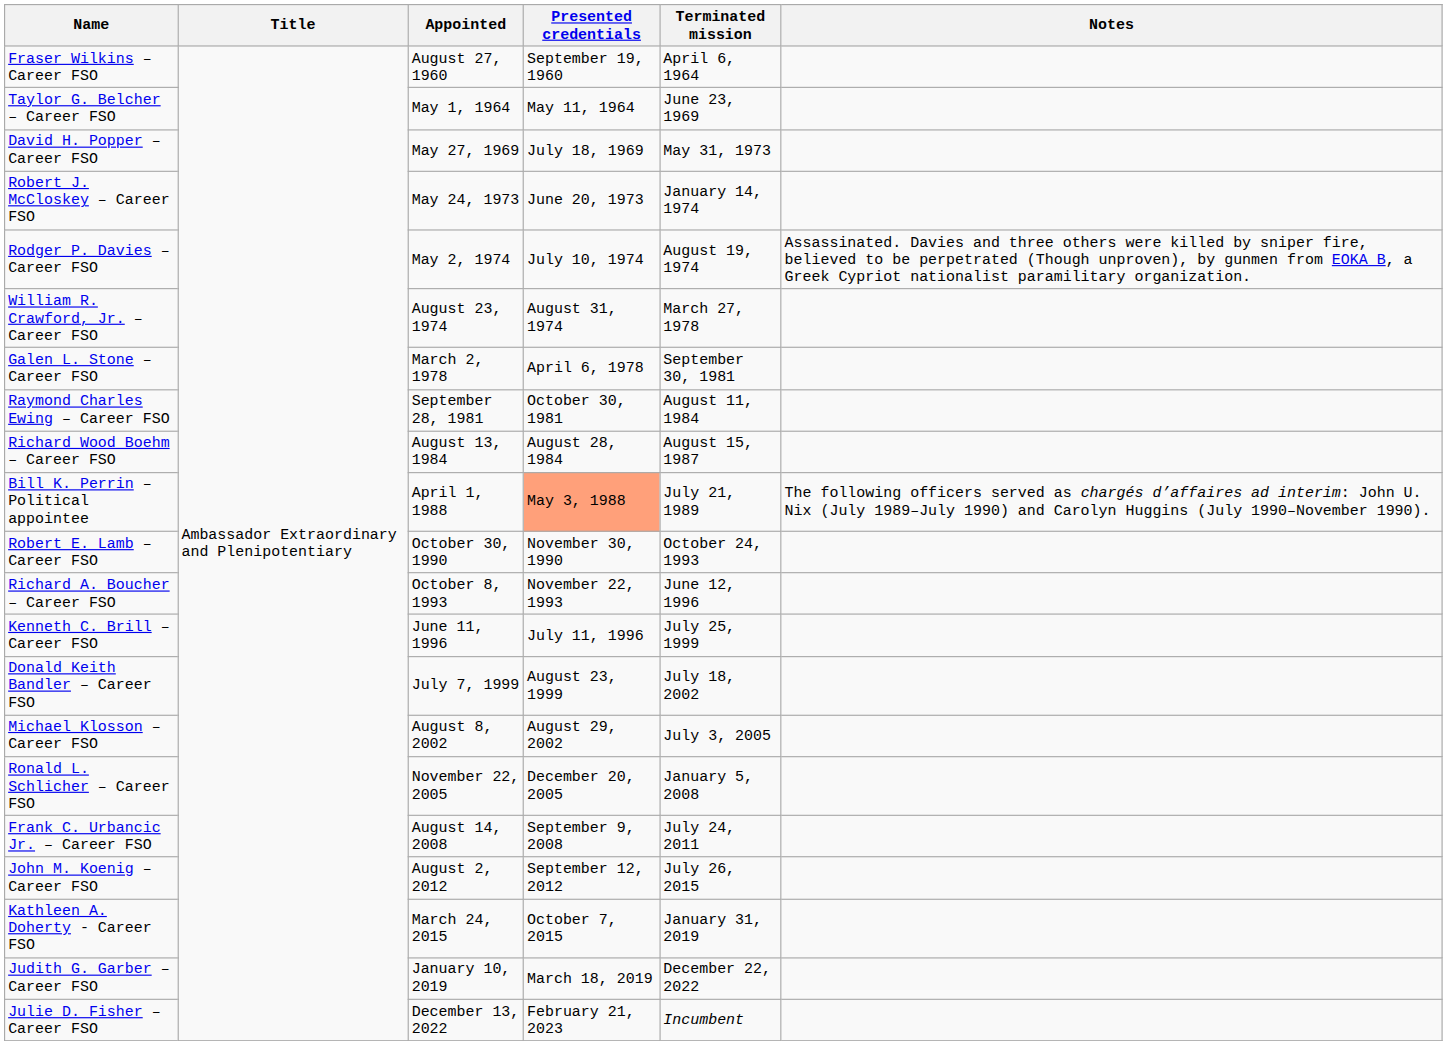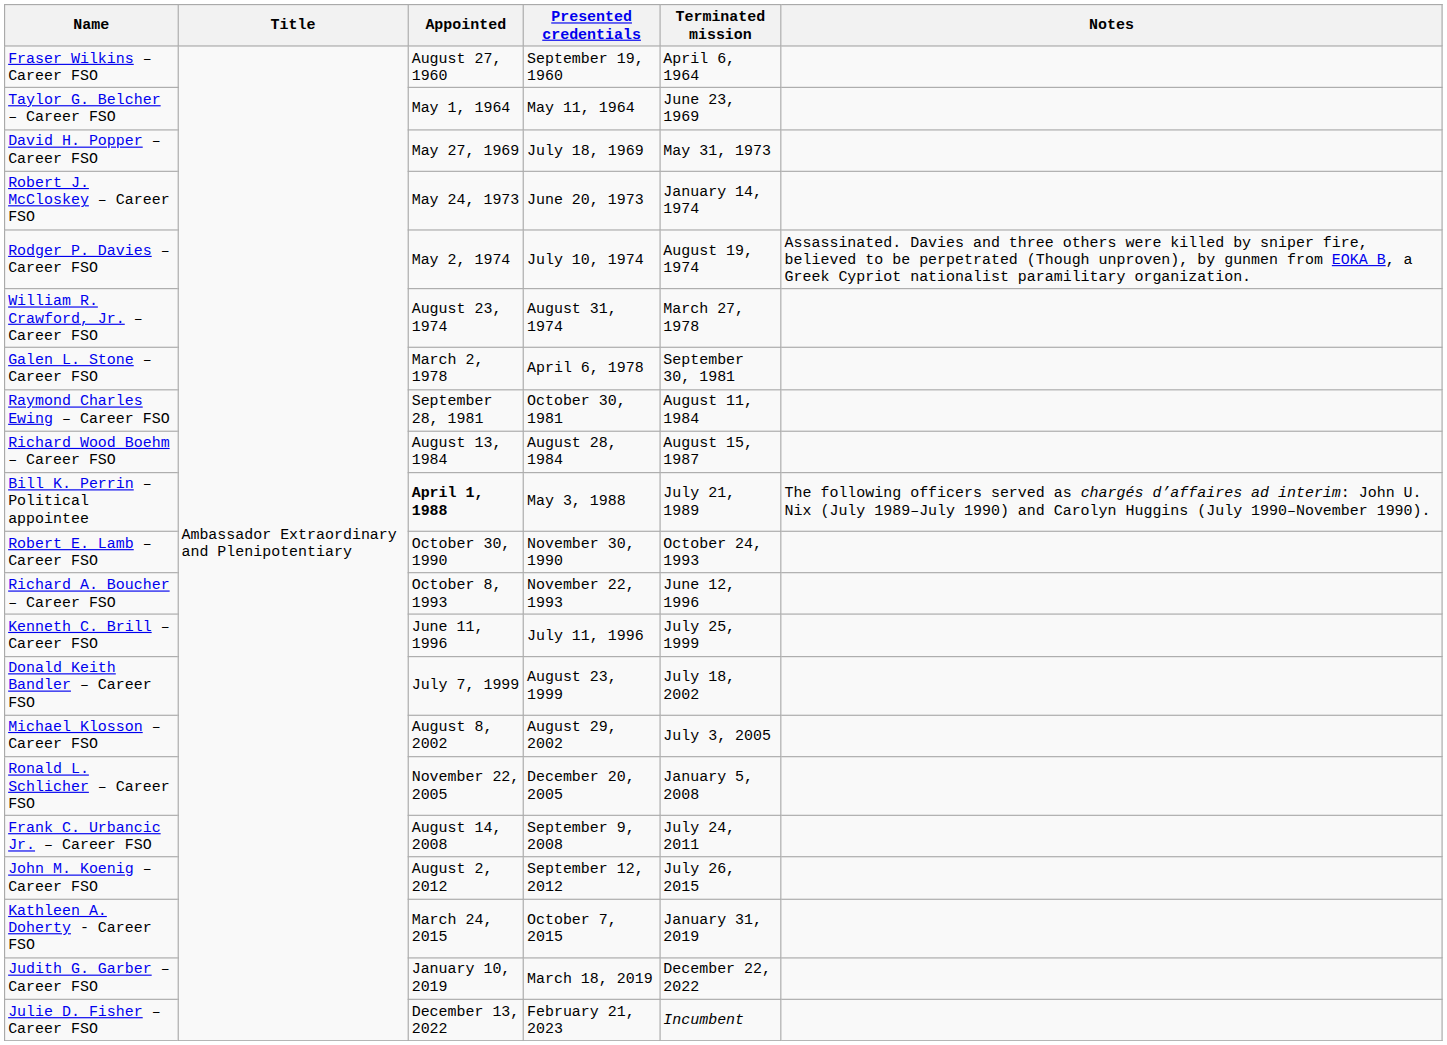 <table class="wikitable">
 <tr>
 <th>Name</th>
 <th>Title</th>
 <th>Appointed</th>
 <th><a href='#'>Presented credentials</a></th>
 <th>Terminated mission</th>
 <th>Notes</th>
 </tr>
 <tr>
 <td><a href='#'>Fraser Wilkins</a> – Career FSO</td>
 <td rowspan=21>Ambassador Extraordinary and Plenipotentiary</td>
 <td>August 27, 1960</td>
 <td>September 19, 1960</td>
 <td>April 6, 1964</td>
 <td></td>
 </tr>
 <tr>
 <td><a href='#'>Taylor G. Belcher</a> – Career FSO</td>
 <td>May 1, 1964</td>
 <td>May 11, 1964</td>
 <td>June 23, 1969</td>
 <td></td>
 </tr>
 <tr>
 <td><a href='#'>David H. Popper</a> – Career FSO</td>
 <td>May 27, 1969</td>
 <td>July 18, 1969</td>
 <td>May 31, 1973</td>
 <td></td>
 </tr>
 <tr>
 <td><a href='#'>Robert J. McCloskey</a> – Career FSO</td>
 <td>May 24, 1973</td>
 <td>June 20, 1973</td>
 <td>January 14, 1974</td>
 <td></td>
 </tr>
 <tr>
 <td><a href='#'>Rodger P. Davies</a> – Career FSO</td>
 <td>May 2, 1974</td>
 <td>July 10, 1974</td>
 <td>August 19, 1974</td>
 <td>Assassinated. Davies and three others were killed by sniper fire, believed to be perpetrated (Though unproven), by gunmen from <a href='#'>EOKA B</a>, a Greek Cypriot nationalist paramilitary organization.</td>
 </tr>
 <tr>
 <td><a href='#'>William R. Crawford, Jr.</a> – Career FSO</td>
 <td>August 23, 1974</td>
 <td>August 31, 1974</td>
 <td>March 27, 1978</td>
 <td></td>
 </tr>
 <tr>
 <td><a href='#'>Galen L. Stone</a> – Career FSO</td>
 <td>March 2, 1978</td>
 <td>April 6, 1978</td>
 <td>September 30, 1981</td>
 <td></td>
 </tr>
 <tr>
 <td><a href='#'>Raymond Charles Ewing</a> – Career FSO</td>
 <td>September 28, 1981</td>
 <td>October 30, 1981</td>
 <td>August 11, 1984</td>
 <td></td>
 </tr>
 <tr>
 <td><a href='#'>Richard Wood Boehm</a> – Career FSO</td>
 <td>August 13, 1984</td>
 <td>August 28, 1984</td>
 <td>August 15, 1987</td>
 <td></td>
 </tr>
 <tr>
 <td><a href='#'>Bill K. Perrin</a> – Political appointee</td>
-<td>April 1, 1988</td>
-<td style="background: lightsalmon;">May 3, 1988</td>
+<td><strong>April 1, 1988</strong></td>
+<td>May 3, 1988</td>
 <td>July 21, 1989</td>
 <td>The following officers served as <em>chargés d’affaires ad interim</em>: John U. Nix (July 1989–July 1990) and Carolyn Huggins (July 1990–November 1990).</td>
 </tr>
 <tr>
 <td><a href='#'>Robert E. Lamb</a> – Career FSO</td>
 <td>October 30, 1990</td>
 <td>November 30, 1990</td>
 <td>October 24, 1993</td>
 <td></td>
 </tr>
 <tr>
 <td><a href='#'>Richard A. Boucher</a> – Career FSO</td>
 <td>October 8, 1993</td>
 <td>November 22, 1993</td>
 <td>June 12, 1996</td>
 <td></td>
 </tr>
 <tr>
 <td><a href='#'>Kenneth C. Brill</a> – Career FSO</td>
 <td>June 11, 1996</td>
 <td>July 11, 1996</td>
 <td>July 25, 1999</td>
 <td></td>
 </tr>
 <tr>
 <td><a href='#'>Donald Keith Bandler</a> – Career FSO</td>
 <td>July 7, 1999</td>
 <td>August 23, 1999</td>
 <td>July 18, 2002</td>
 <td></td>
 </tr>
 <tr>
 <td><a href='#'>Michael Klosson</a> – Career FSO</td>
 <td>August 8, 2002</td>
 <td>August 29, 2002</td>
 <td>July 3, 2005</td>
 <td></td>
 </tr>
 <tr>
 <td><a href='#'>Ronald L. Schlicher</a> – Career FSO</td>
 <td>November 22, 2005</td>
 <td>December 20, 2005</td>
 <td>January 5, 2008</td>
 <td></td>
 </tr>
 <tr>
 <td><a href='#'>Frank C. Urbancic Jr.</a> – Career FSO</td>
 <td>August 14, 2008</td>
 <td>September 9, 2008</td>
 <td>July 24, 2011</td>
 <td></td>
 </tr>
 <tr>
 <td><a href='#'>John M. Koenig</a> – Career FSO</td>
 <td>August 2, 2012</td>
 <td>September 12, 2012</td>
 <td>July 26, 2015</td>
 <td></td>
 </tr>
 <tr>
 <td><a href='#'>Kathleen A. Doherty</a> - Career FSO</td>
 <td>March 24, 2015</td>
 <td>October 7, 2015</td>
 <td>January 31, 2019</td>
 <td></td>
 </tr>
 <tr>
 <td><a href='#'>Judith G. Garber</a> – Career FSO</td>
 <td>January 10, 2019</td>
 <td>March 18, 2019</td>
 <td>December 22, 2022</td>
 <td></td>
 </tr>
 <tr>
 <td><a href='#'>Julie D. Fisher</a> – Career FSO</td>
 <td>December 13, 2022</td>
 <td>February 21, 2023</td>
 <td><em>Incumbent</em></td>
 <td></td>
 </tr>
 </table>
